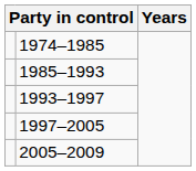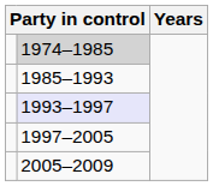 <table class="wikitable">
 <tr>
 <th colspan="2">Party in control</th>
 <th>Years</th>
 </tr>
 <tr>
 <td></td>
-<td>1974–1985</td>
+<td style="background: lightgrey;">1974–1985</td>
 </tr>
 <tr>
 <td></td>
 <td>1985–1993</td>
 </tr>
 <tr>
 <td></td>
-<td>1993–1997</td>
+<td style="background: lavender;">1993–1997</td>
 </tr>
 <tr>
 <td></td>
 <td>1997–2005</td>
 </tr>
 <tr>
 <td></td>
 <td>2005–2009</td>
 </tr>
 </table>
